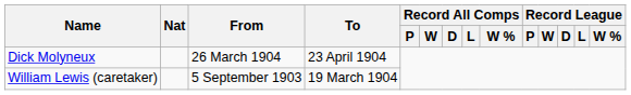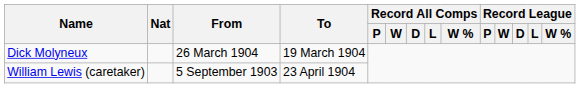 <table class="wikitable" style="text-align: center">
 <tr>
 <th rowspan="2">Name</th>
 <th rowspan="2">Nat</th>
 <th rowspan="2">From</th>
 <th rowspan="2">To</th>
 <th colspan="5">Record All Comps</th>
 <th colspan="5">Record League</th>
 </tr>
 <tr>
 <th>P</th>
 <th>W</th>
 <th>D</th>
 <th>L</th>
 <th>W %</th>
 <th>P</th>
 <th>W</th>
 <th>D</th>
 <th>L</th>
 <th>W %</th>
 </tr>
 <tr>
 <td style="text-align:left;"><a href='#'>Dick Molyneux</a></td>
 <td></td>
 <td align=left>26 March 1904</td>
-<td align=left>23 April 1904<br> </td>
+<td align=left>19 March 1904<br> </td>
 </tr>
 <tr>
 <td style="text-align:left;"><a href='#'>William Lewis</a> (caretaker)</td>
 <td></td>
 <td align=left>5 September 1903</td>
-<td align=left>19 March 1904<br> </td>
+<td align=left>23 April 1904<br> </td>
 </tr>
 </table>
